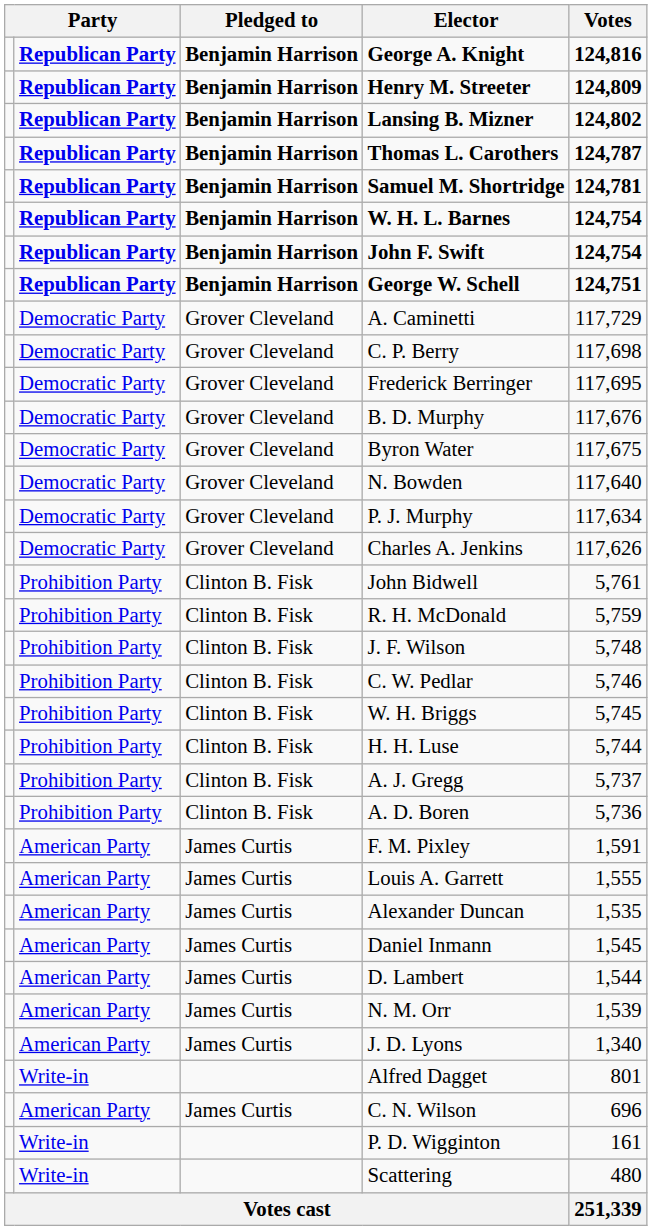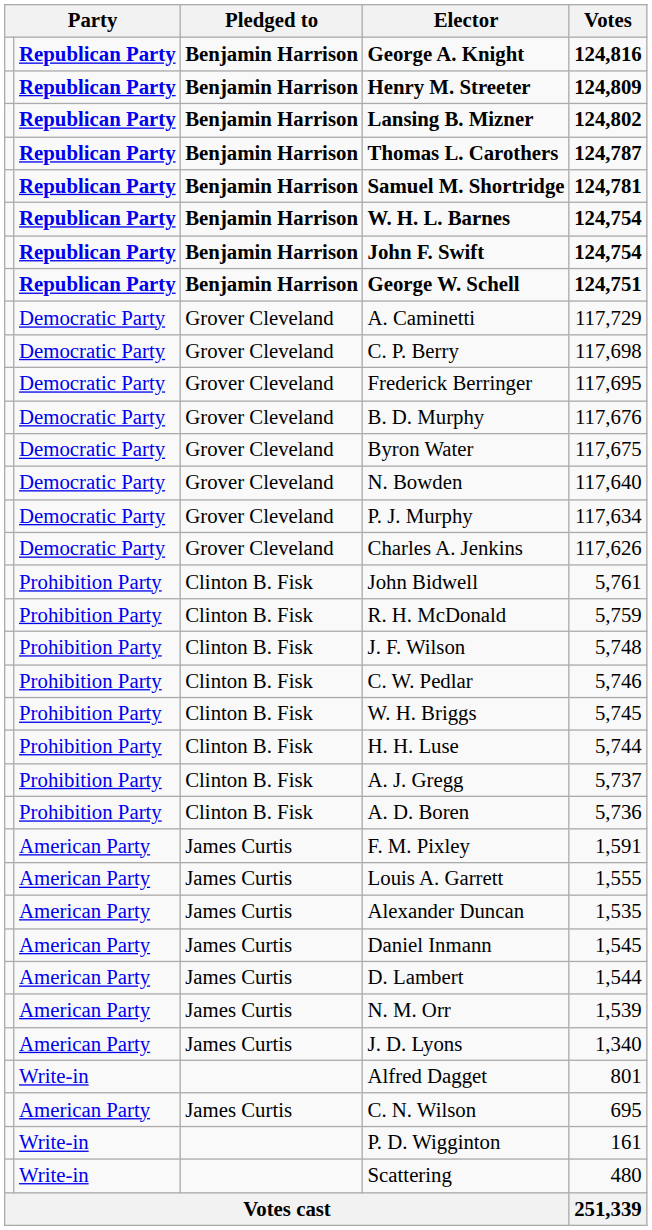 <table class="wikitable">
 <tr>
 <th colspan=2>Party</th>
 <th>Pledged to</th>
 <th>Elector</th>
 <th>Votes</th>
 </tr>
 <tr style="font-weight:bold">
 <td></td>
 <td><a href='#'>Republican Party</a></td>
 <td>Benjamin Harrison</td>
 <td>George A. Knight</td>
 <td align=right>124,816</td>
 </tr>
 <tr style="font-weight:bold">
 <td></td>
 <td><a href='#'>Republican Party</a></td>
 <td>Benjamin Harrison</td>
 <td>Henry M. Streeter</td>
 <td align="right">124,809</td>
 </tr>
 <tr style="font-weight:bold">
 <td></td>
 <td><a href='#'>Republican Party</a></td>
 <td>Benjamin Harrison</td>
 <td>Lansing B. Mizner</td>
 <td align="right">124,802</td>
 </tr>
 <tr style="font-weight:bold">
 <td></td>
 <td><a href='#'>Republican Party</a></td>
 <td>Benjamin Harrison</td>
 <td>Thomas L. Carothers</td>
 <td align="right">124,787</td>
 </tr>
 <tr style="font-weight:bold">
 <td></td>
 <td><a href='#'>Republican Party</a></td>
 <td>Benjamin Harrison</td>
 <td>Samuel M. Shortridge</td>
 <td align="right">124,781</td>
 </tr>
 <tr style="font-weight:bold">
 <td></td>
 <td><a href='#'>Republican Party</a></td>
 <td>Benjamin Harrison</td>
 <td>W. H. L. Barnes</td>
 <td align="right">124,754</td>
 </tr>
 <tr style="font-weight:bold">
 <td></td>
 <td><a href='#'>Republican Party</a></td>
 <td>Benjamin Harrison</td>
 <td>John F. Swift</td>
 <td align="right">124,754</td>
 </tr>
 <tr style="font-weight:bold">
 <td></td>
 <td><a href='#'>Republican Party</a></td>
 <td>Benjamin Harrison</td>
 <td>George W. Schell</td>
 <td align="right">124,751</td>
 </tr>
 <tr>
 <td bgcolor=></td>
 <td><a href='#'>Democratic Party</a></td>
 <td>Grover Cleveland</td>
 <td>A. Caminetti</td>
 <td align=right>117,729</td>
 </tr>
 <tr>
 <td bgcolor=></td>
 <td><a href='#'>Democratic Party</a></td>
 <td>Grover Cleveland</td>
 <td>C. P. Berry</td>
 <td align=right>117,698</td>
 </tr>
 <tr>
 <td bgcolor=></td>
 <td><a href='#'>Democratic Party</a></td>
 <td>Grover Cleveland</td>
 <td>Frederick Berringer</td>
 <td align=right>117,695</td>
 </tr>
 <tr>
 <td bgcolor=></td>
 <td><a href='#'>Democratic Party</a></td>
 <td>Grover Cleveland</td>
 <td>B. D. Murphy</td>
 <td align=right>117,676</td>
 </tr>
 <tr>
 <td></td>
 <td><a href='#'>Democratic Party</a></td>
 <td>Grover Cleveland</td>
 <td>Byron Water</td>
 <td align="right">117,675</td>
 </tr>
 <tr>
 <td></td>
 <td><a href='#'>Democratic Party</a></td>
 <td>Grover Cleveland</td>
 <td>N. Bowden</td>
 <td align="right">117,640</td>
 </tr>
 <tr>
 <td></td>
 <td><a href='#'>Democratic Party</a></td>
 <td>Grover Cleveland</td>
 <td>P. J. Murphy</td>
 <td align="right">117,634</td>
 </tr>
 <tr>
 <td></td>
 <td><a href='#'>Democratic Party</a></td>
 <td>Grover Cleveland</td>
 <td>Charles A. Jenkins</td>
 <td align="right">117,626</td>
 </tr>
 <tr>
 <td></td>
 <td><a href='#'>Prohibition Party</a></td>
 <td>Clinton B. Fisk</td>
 <td>John Bidwell</td>
 <td align="right">5,761</td>
 </tr>
 <tr>
 <td></td>
 <td><a href='#'>Prohibition Party</a></td>
 <td>Clinton B. Fisk</td>
 <td>R. H. McDonald</td>
 <td align="right">5,759</td>
 </tr>
 <tr>
 <td></td>
 <td><a href='#'>Prohibition Party</a></td>
 <td>Clinton B. Fisk</td>
 <td>J. F. Wilson</td>
 <td align="right">5,748</td>
 </tr>
 <tr>
 <td></td>
 <td><a href='#'>Prohibition Party</a></td>
 <td>Clinton B. Fisk</td>
 <td>C. W. Pedlar</td>
 <td align="right">5,746</td>
 </tr>
 <tr>
 <td></td>
 <td><a href='#'>Prohibition Party</a></td>
 <td>Clinton B. Fisk</td>
 <td>W. H. Briggs</td>
 <td align="right">5,745</td>
 </tr>
 <tr>
 <td></td>
 <td><a href='#'>Prohibition Party</a></td>
 <td>Clinton B. Fisk</td>
 <td>H. H. Luse</td>
 <td align="right">5,744</td>
 </tr>
 <tr>
 <td></td>
 <td><a href='#'>Prohibition Party</a></td>
 <td>Clinton B. Fisk</td>
 <td>A. J. Gregg</td>
 <td align="right">5,737</td>
 </tr>
 <tr>
 <td></td>
 <td><a href='#'>Prohibition Party</a></td>
 <td>Clinton B. Fisk</td>
 <td>A. D. Boren</td>
 <td align="right">5,736</td>
 </tr>
 <tr>
 <td></td>
 <td><a href='#'>American Party</a></td>
 <td>James Curtis</td>
 <td>F. M. Pixley</td>
 <td align="right">1,591</td>
 </tr>
 <tr>
 <td></td>
 <td><a href='#'>American Party</a></td>
 <td>James Curtis</td>
 <td>Louis A. Garrett</td>
 <td align="right">1,555</td>
 </tr>
 <tr>
 <td></td>
 <td><a href='#'>American Party</a></td>
 <td>James Curtis</td>
 <td>Alexander Duncan</td>
 <td align="right">1,535</td>
 </tr>
 <tr>
 <td></td>
 <td><a href='#'>American Party</a></td>
 <td>James Curtis</td>
 <td>Daniel Inmann</td>
 <td align="right">1,545</td>
 </tr>
 <tr>
 <td></td>
 <td><a href='#'>American Party</a></td>
 <td>James Curtis</td>
 <td>D. Lambert</td>
 <td align="right">1,544</td>
 </tr>
 <tr>
 <td></td>
 <td><a href='#'>American Party</a></td>
 <td>James Curtis</td>
 <td>N. M. Orr</td>
 <td align="right">1,539</td>
 </tr>
 <tr>
 <td></td>
 <td><a href='#'>American Party</a></td>
 <td>James Curtis</td>
 <td>J. D. Lyons</td>
 <td align="right">1,340</td>
 </tr>
 <tr>
 <td></td>
 <td><a href='#'>Write-in</a></td>
 <td></td>
 <td>Alfred Dagget</td>
 <td align="right">801</td>
 </tr>
 <tr>
 <td></td>
 <td><a href='#'>American Party</a></td>
 <td>James Curtis</td>
 <td>C. N. Wilson</td>
-<td align="right">696</td>
+<td align="right">695</td>
 </tr>
 <tr>
 <td></td>
 <td><a href='#'>Write-in</a></td>
 <td></td>
 <td>P. D. Wigginton</td>
 <td align="right">161</td>
 </tr>
 <tr>
 <td></td>
 <td><a href='#'>Write-in</a></td>
 <td></td>
 <td>Scattering</td>
 <td align="right">480</td>
 </tr>
 <tr>
 <th colspan="4">Votes cast</th>
 <th>251,339</th>
 </tr>
 </table>
